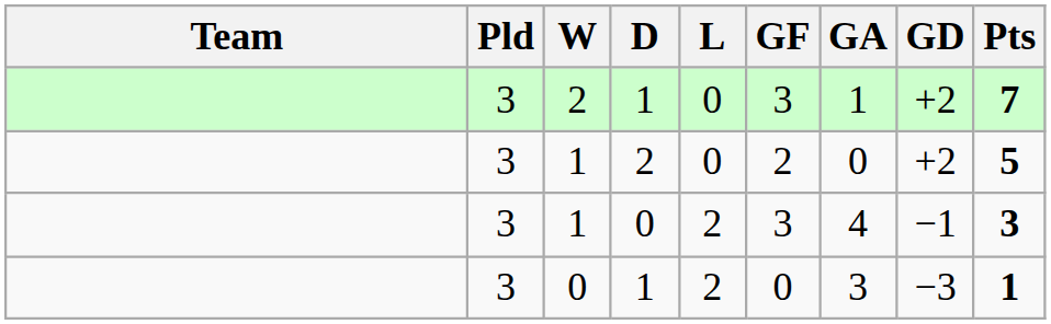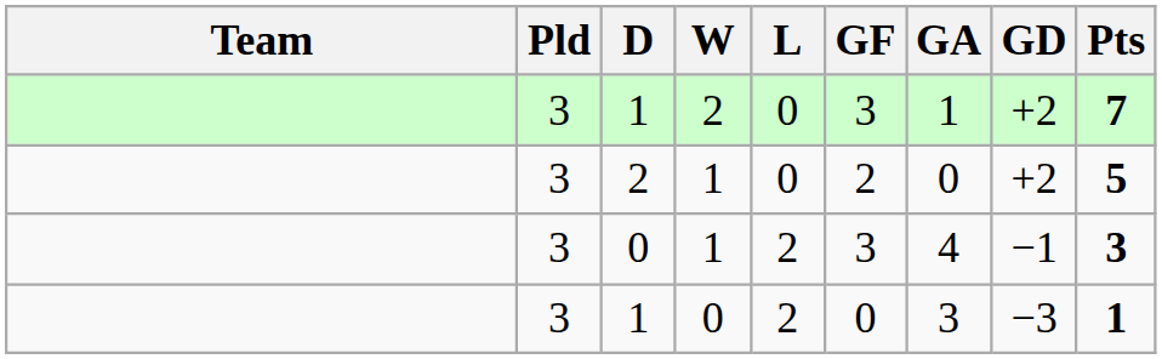 <table class="wikitable" style="text-align:center;">
 <tr>
 <th width=180>Team</th>
 <th width=20>Pld</th>
+<th width=20>D</th>
 <th width=20>W</th>
-<th width=20>D</th>
 <th width=20>L</th>
 <th width=20>GF</th>
 <th width=20>GA</th>
 <th width=20>GD</th>
 <th width=20>Pts</th>
 </tr>
 <tr bgcolor="#ccffcc">
 <td align="left"><em></em></td>
 <td>3</td>
+<td>1</td>
 <td>2</td>
-<td>1</td>
 <td>0</td>
 <td>3</td>
 <td>1</td>
 <td>+2</td>
 <td><strong>7</strong></td>
 </tr>
 <tr>
 <td align="left"></td>
 <td>3</td>
+<td>2</td>
 <td>1</td>
-<td>2</td>
 <td>0</td>
 <td>2</td>
 <td>0</td>
 <td>+2</td>
 <td><strong>5</strong></td>
 </tr>
 <tr>
 <td align="left"></td>
 <td>3</td>
+<td>0</td>
 <td>1</td>
-<td>0</td>
 <td>2</td>
 <td>3</td>
 <td>4</td>
 <td>−1</td>
 <td><strong>3</strong></td>
 </tr>
 <tr>
 <td align="left"></td>
 <td>3</td>
+<td>1</td>
 <td>0</td>
-<td>1</td>
 <td>2</td>
 <td>0</td>
 <td>3</td>
 <td>−3</td>
 <td><strong>1</strong></td>
 </tr>
 </table>
